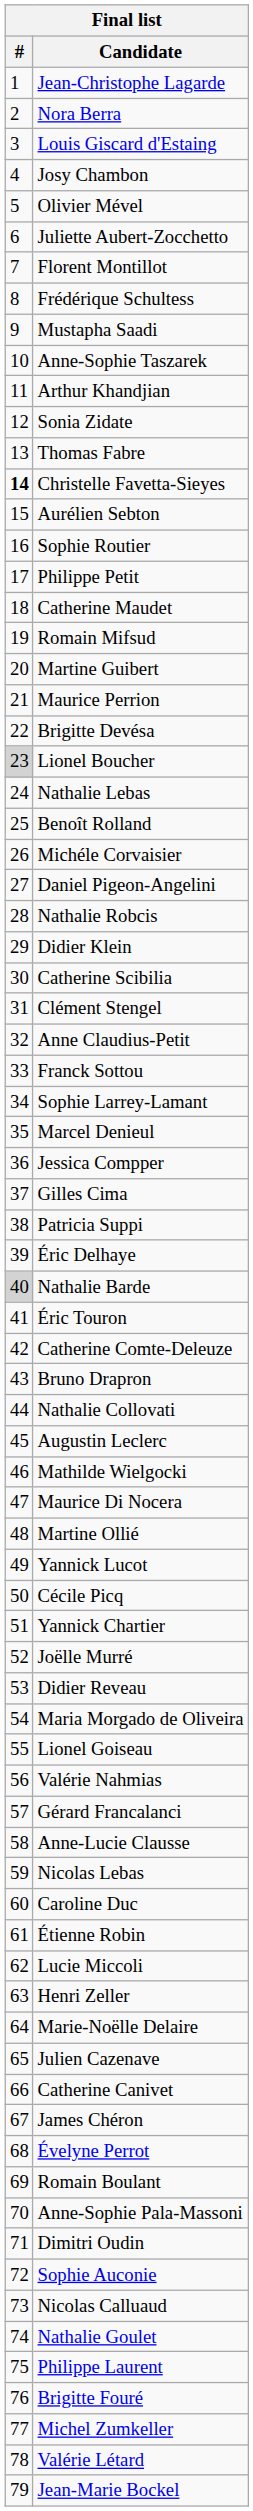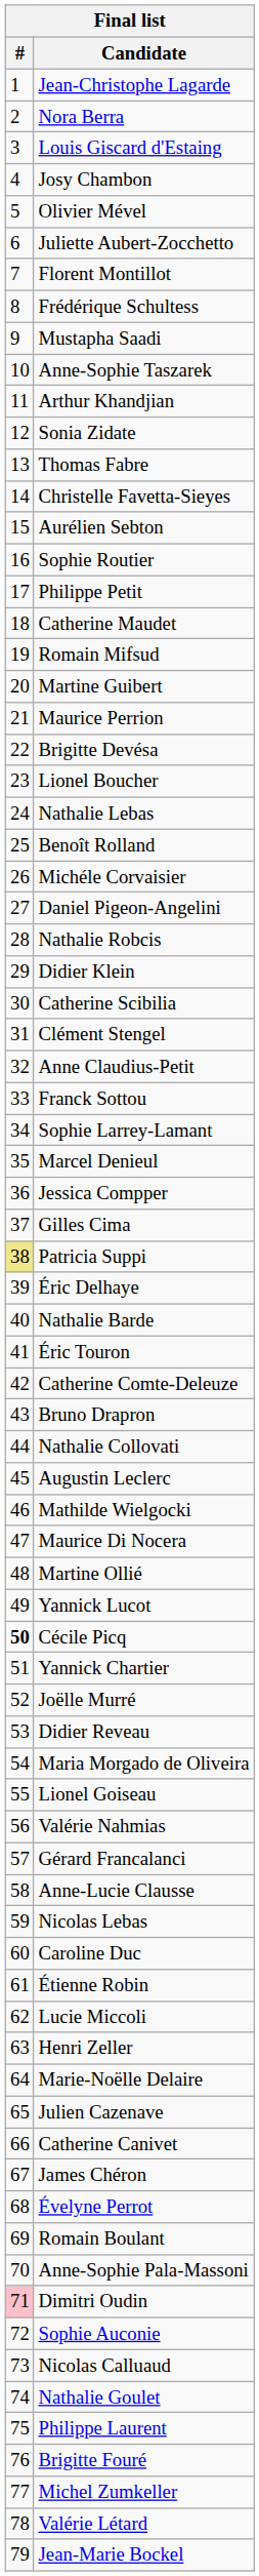 <table class="wikitable mw-collapsible mw-collapsed" style="font-size:90%; float:right; padding:5px">
 <tr>
 <th colspan="2">Final list</th>
 </tr>
 <tr>
 <th>#</th>
 <th>Candidate</th>
 </tr>
 <tr>
 <td>1</td>
 <td><a href='#'>Jean-Christophe Lagarde</a></td>
 </tr>
 <tr>
 <td>2</td>
 <td><a href='#'>Nora Berra</a></td>
 </tr>
 <tr>
 <td>3</td>
 <td><a href='#'>Louis Giscard d'Estaing</a></td>
 </tr>
 <tr>
 <td>4</td>
 <td>Josy Chambon</td>
 </tr>
 <tr>
 <td>5</td>
 <td>Olivier Mével</td>
 </tr>
 <tr>
 <td>6</td>
 <td>Juliette Aubert-Zocchetto</td>
 </tr>
 <tr>
 <td>7</td>
 <td>Florent Montillot</td>
 </tr>
 <tr>
 <td>8</td>
 <td>Frédérique Schultess</td>
 </tr>
 <tr>
 <td>9</td>
 <td>Mustapha Saadi</td>
 </tr>
 <tr>
 <td>10</td>
 <td>Anne-Sophie Taszarek</td>
 </tr>
 <tr>
 <td>11</td>
 <td>Arthur Khandjian</td>
 </tr>
 <tr>
 <td>12</td>
 <td>Sonia Zidate</td>
 </tr>
 <tr>
 <td>13</td>
 <td>Thomas Fabre</td>
 </tr>
 <tr>
-<td><strong>14</strong></td>
+<td>14</td>
 <td>Christelle Favetta-Sieyes</td>
 </tr>
 <tr>
 <td>15</td>
 <td>Aurélien Sebton</td>
 </tr>
 <tr>
 <td>16</td>
 <td>Sophie Routier</td>
 </tr>
 <tr>
 <td>17</td>
 <td>Philippe Petit</td>
 </tr>
 <tr>
 <td>18</td>
 <td>Catherine Maudet</td>
 </tr>
 <tr>
 <td>19</td>
 <td>Romain Mifsud</td>
 </tr>
 <tr>
 <td>20</td>
 <td>Martine Guibert</td>
 </tr>
 <tr>
 <td>21</td>
 <td>Maurice Perrion</td>
 </tr>
 <tr>
 <td>22</td>
 <td>Brigitte Devésa</td>
 </tr>
 <tr>
-<td style="background: lightgrey;">23</td>
+<td>23</td>
 <td>Lionel Boucher</td>
 </tr>
 <tr>
 <td>24</td>
 <td>Nathalie Lebas</td>
 </tr>
 <tr>
 <td>25</td>
 <td>Benoît Rolland</td>
 </tr>
 <tr>
 <td>26</td>
 <td>Michéle Corvaisier</td>
 </tr>
 <tr>
 <td>27</td>
 <td>Daniel Pigeon-Angelini</td>
 </tr>
 <tr>
 <td>28</td>
 <td>Nathalie Robcis</td>
 </tr>
 <tr>
 <td>29</td>
 <td>Didier Klein</td>
 </tr>
 <tr>
 <td>30</td>
 <td>Catherine Scibilia</td>
 </tr>
 <tr>
 <td>31</td>
 <td>Clément Stengel</td>
 </tr>
 <tr>
 <td>32</td>
 <td>Anne Claudius-Petit</td>
 </tr>
 <tr>
 <td>33</td>
 <td>Franck Sottou</td>
 </tr>
 <tr>
 <td>34</td>
 <td>Sophie Larrey-Lamant</td>
 </tr>
 <tr>
 <td>35</td>
 <td>Marcel Denieul</td>
 </tr>
 <tr>
 <td>36</td>
 <td>Jessica Compper</td>
 </tr>
 <tr>
 <td>37</td>
 <td>Gilles Cima</td>
 </tr>
 <tr>
-<td>38</td>
+<td style="background: khaki;">38</td>
 <td>Patricia Suppi</td>
 </tr>
 <tr>
 <td>39</td>
 <td>Éric Delhaye</td>
 </tr>
 <tr>
-<td style="background: lightgrey;">40</td>
+<td>40</td>
 <td>Nathalie Barde</td>
 </tr>
 <tr>
 <td>41</td>
 <td>Éric Touron</td>
 </tr>
 <tr>
 <td>42</td>
 <td>Catherine Comte-Deleuze</td>
 </tr>
 <tr>
 <td>43</td>
 <td>Bruno Drapron</td>
 </tr>
 <tr>
 <td>44</td>
 <td>Nathalie Collovati</td>
 </tr>
 <tr>
 <td>45</td>
 <td>Augustin Leclerc</td>
 </tr>
 <tr>
 <td>46</td>
 <td>Mathilde Wielgocki</td>
 </tr>
 <tr>
 <td>47</td>
 <td>Maurice Di Nocera</td>
 </tr>
 <tr>
 <td>48</td>
 <td>Martine Ollié</td>
 </tr>
 <tr>
 <td>49</td>
 <td>Yannick Lucot</td>
 </tr>
 <tr>
-<td>50</td>
+<td><strong>50</strong></td>
 <td>Cécile Picq</td>
 </tr>
 <tr>
 <td>51</td>
 <td>Yannick Chartier</td>
 </tr>
 <tr>
 <td>52</td>
 <td>Joëlle Murré</td>
 </tr>
 <tr>
 <td>53</td>
 <td>Didier Reveau</td>
 </tr>
 <tr>
 <td>54</td>
 <td>Maria Morgado de Oliveira</td>
 </tr>
 <tr>
 <td>55</td>
 <td>Lionel Goiseau</td>
 </tr>
 <tr>
 <td>56</td>
 <td>Valérie Nahmias</td>
 </tr>
 <tr>
 <td>57</td>
 <td>Gérard Francalanci</td>
 </tr>
 <tr>
 <td>58</td>
 <td>Anne-Lucie Clausse</td>
 </tr>
 <tr>
 <td>59</td>
 <td>Nicolas Lebas</td>
 </tr>
 <tr>
 <td>60</td>
 <td>Caroline Duc</td>
 </tr>
 <tr>
 <td>61</td>
 <td>Étienne Robin</td>
 </tr>
 <tr>
 <td>62</td>
 <td>Lucie Miccoli</td>
 </tr>
 <tr>
 <td>63</td>
 <td>Henri Zeller</td>
 </tr>
 <tr>
 <td>64</td>
 <td>Marie-Noëlle Delaire</td>
 </tr>
 <tr>
 <td>65</td>
 <td>Julien Cazenave</td>
 </tr>
 <tr>
 <td>66</td>
 <td>Catherine Canivet</td>
 </tr>
 <tr>
 <td>67</td>
 <td>James Chéron</td>
 </tr>
 <tr>
 <td>68</td>
 <td><a href='#'>Évelyne Perrot</a></td>
 </tr>
 <tr>
 <td>69</td>
 <td>Romain Boulant</td>
 </tr>
 <tr>
 <td>70</td>
 <td>Anne-Sophie Pala-Massoni</td>
 </tr>
 <tr>
-<td>71</td>
+<td style="background: pink;">71</td>
 <td>Dimitri Oudin</td>
 </tr>
 <tr>
 <td>72</td>
 <td><a href='#'>Sophie Auconie</a></td>
 </tr>
 <tr>
 <td>73</td>
 <td>Nicolas Calluaud</td>
 </tr>
 <tr>
 <td>74</td>
 <td><a href='#'>Nathalie Goulet</a></td>
 </tr>
 <tr>
 <td>75</td>
 <td><a href='#'>Philippe Laurent</a></td>
 </tr>
 <tr>
 <td>76</td>
 <td><a href='#'>Brigitte Fouré</a></td>
 </tr>
 <tr>
 <td>77</td>
 <td><a href='#'>Michel Zumkeller</a></td>
 </tr>
 <tr>
 <td>78</td>
 <td><a href='#'>Valérie Létard</a></td>
 </tr>
 <tr>
 <td>79</td>
 <td><a href='#'>Jean-Marie Bockel</a></td>
 </tr>
 </table>
